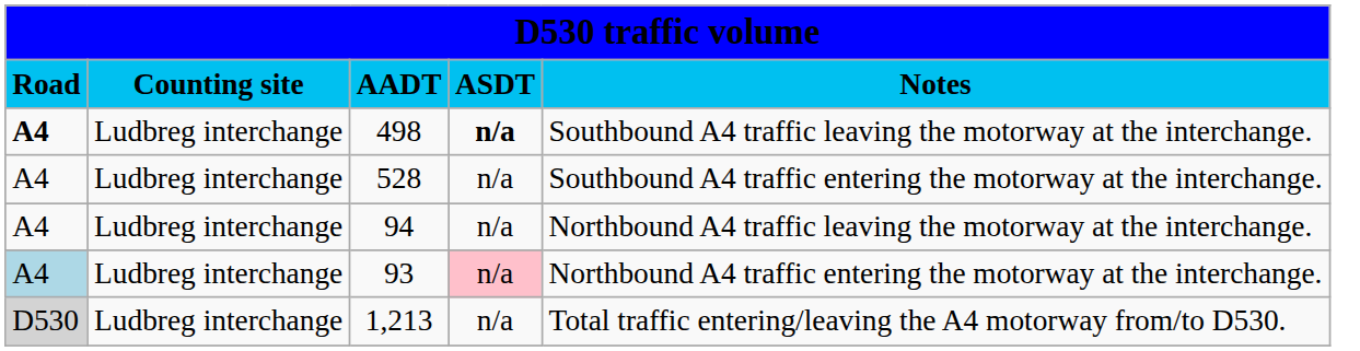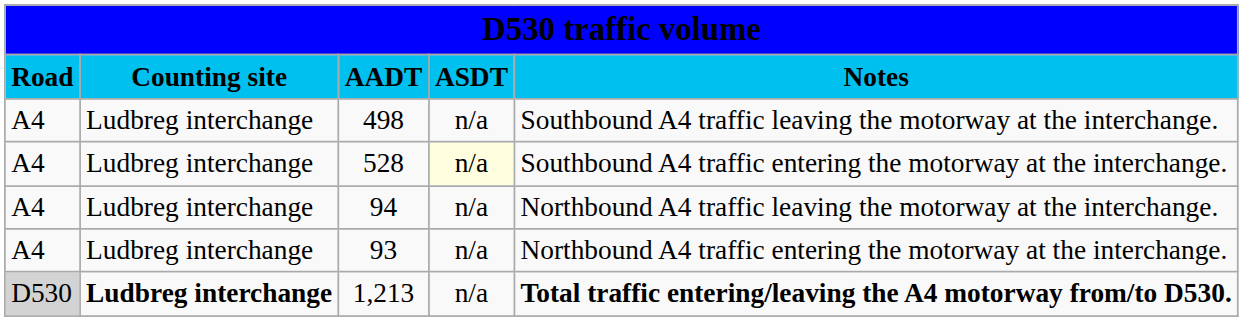 <table class="wikitable">
 <tr>
 <td colspan=5 bgcolor=blue align=center style=margin-top:15><span><big><strong>D530 traffic volume</strong></big></span></td>
 </tr>
 <tr>
 <td align=center bgcolor=00c0f0><strong>Road</strong></td>
 <td align=center bgcolor=00c0f0><strong>Counting site</strong></td>
 <td align=center bgcolor=00c0f0><strong>AADT</strong></td>
 <td align=center bgcolor=00c0f0><strong>ASDT</strong></td>
 <td align=center bgcolor=00c0f0><strong>Notes</strong></td>
 </tr>
 <tr>
-<td><strong> A4</strong></td>
+<td> A4</td>
 <td>Ludbreg interchange</td>
 <td align=center>498</td>
-<td align=center><strong>n/a</strong></td>
+<td align=center>n/a</td>
 <td>Southbound A4 traffic leaving the motorway at the interchange.</td>
 </tr>
 <tr>
 <td> A4</td>
 <td>Ludbreg interchange</td>
 <td align=center>528</td>
-<td align=center>n/a</td>
+<td align=center style="background: lightyellow;">n/a</td>
 <td>Southbound A4 traffic entering the motorway at the interchange.</td>
 </tr>
 <tr>
 <td> A4</td>
 <td>Ludbreg interchange</td>
 <td align=center>94</td>
 <td align=center>n/a</td>
 <td>Northbound A4 traffic leaving the motorway at the interchange.</td>
 </tr>
 <tr>
-<td style="background: lightblue;"> A4</td>
+<td> A4</td>
 <td>Ludbreg interchange</td>
 <td align=center>93</td>
-<td align=center style="background: pink;">n/a</td>
+<td align=center>n/a</td>
 <td>Northbound A4 traffic entering the motorway at the interchange.</td>
 </tr>
 <tr>
 <td style="background: lightgrey;"> D530</td>
-<td>Ludbreg interchange</td>
+<td><strong>Ludbreg interchange</strong></td>
 <td align=center>1,213</td>
 <td align=center>n/a</td>
-<td>Total traffic entering/leaving the A4 motorway from/to D530.</td>
+<td><strong>Total traffic entering/leaving the A4 motorway from/to D530.</strong></td>
 </tr>
 </table>
